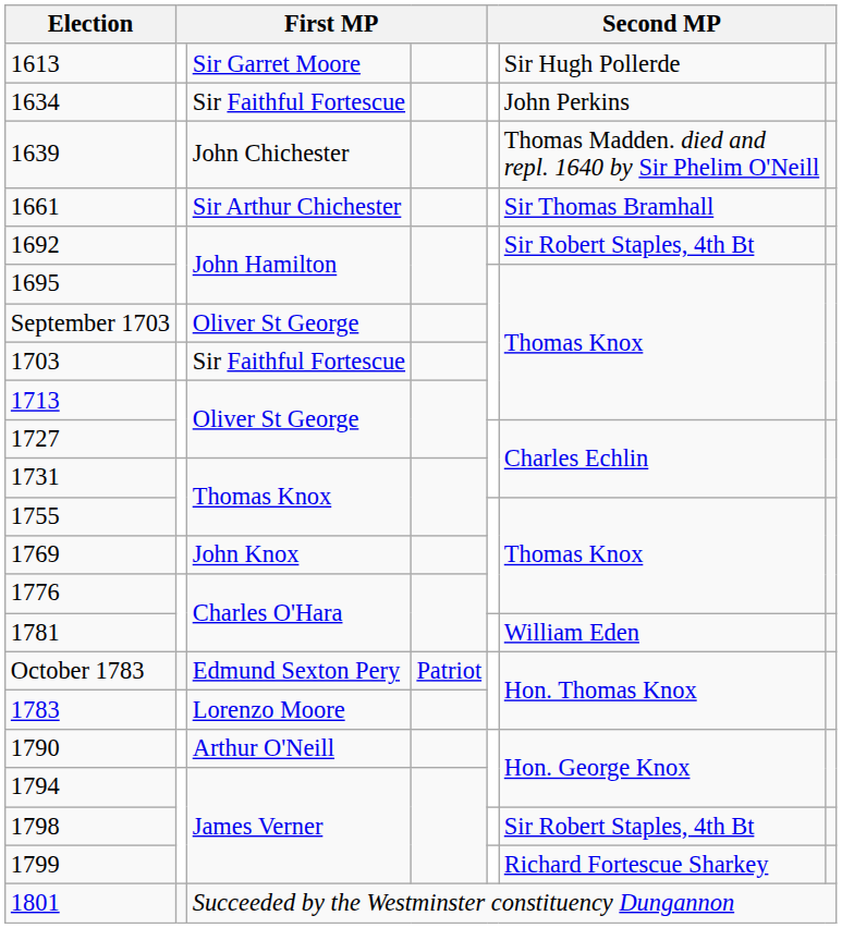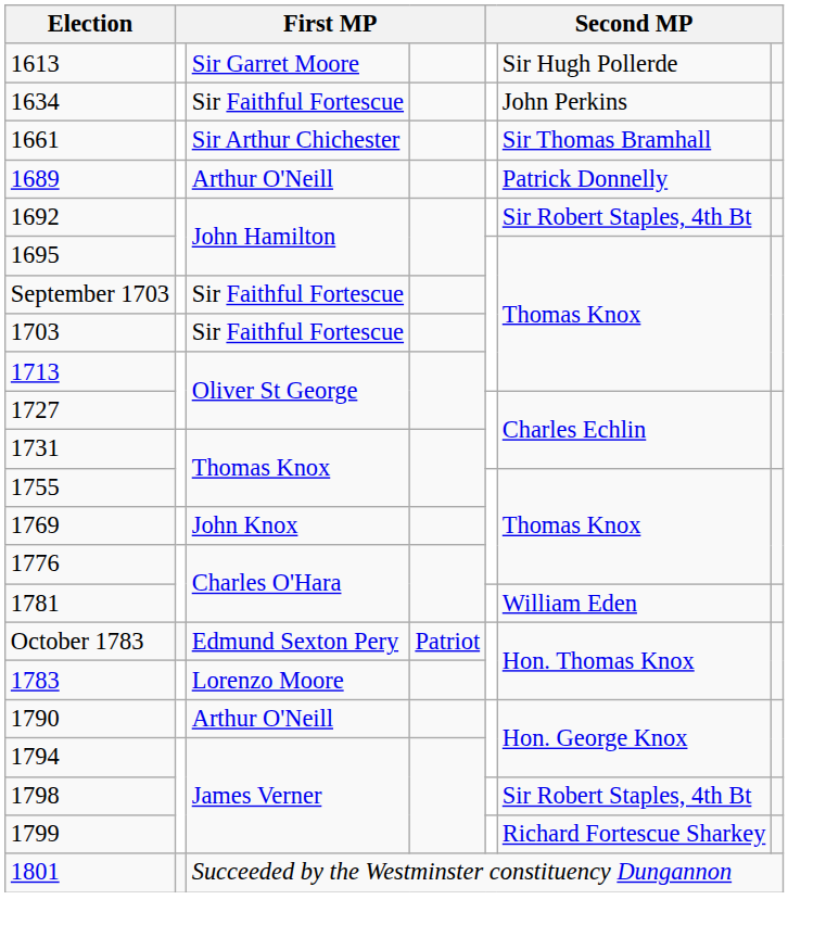 <table class="wikitable">
 <tr>
 <th>Election</th>
 <th colspan=3>First MP</th>
 <th colspan=3>Second MP</th>
 </tr>
 <tr>
 <td>1613</td>
 <td style="background-color: white"></td>
 <td><a href='#'>Sir Garret Moore</a></td>
 <td></td>
 <td style="background-color: white"></td>
 <td>Sir Hugh Pollerde</td>
 <td></td>
 </tr>
 <tr>
 <td>1634</td>
 <td style="background-color: white"></td>
 <td>Sir <a href='#'>Faithful Fortescue</a></td>
 <td></td>
 <td style="background-color: white"></td>
 <td>John Perkins</td>
 <td></td>
 </tr>
 <tr>
-<td>1639</td>
-<td style="background-color: white"></td>
-<td>John Chichester</td>
-<td></td>
-<td style="background-color: white"></td>
-<td>Thomas Madden. <em>died and <br> repl. 1640 by</em> <a href='#'>Sir Phelim O'Neill</a></td>
-<td></td>
-</tr>
-<tr>
 <td>1661</td>
 <td style="background-color: white"></td>
 <td><a href='#'>Sir Arthur Chichester</a></td>
 <td></td>
 <td style="background-color: white"></td>
 <td><a href='#'>Sir Thomas Bramhall</a></td>
+<td></td>
+</tr>
+<tr>
+<td><a href='#'>1689</a></td>
+<td style="background-color: white"></td>
+<td><a href='#'>Arthur O'Neill</a></td>
+<td></td>
+<td style="background-color: white"></td>
+<td><a href='#'>Patrick Donnelly</a></td>
 <td></td>
 </tr>
 <tr>
 <td>1692</td>
 <td rowspan="2" style="background-color: white"></td>
 <td rowspan="2"><a href='#'>John Hamilton</a></td>
 <td rowspan="2"></td>
 <td style="background-color: white"></td>
 <td><a href='#'>Sir Robert Staples, 4th Bt</a></td>
 <td></td>
 </tr>
 <tr>
 <td>1695</td>
 <td rowspan="4" style="background-color: white"></td>
 <td rowspan="4"><a href='#'>Thomas Knox</a></td>
 <td rowspan="4"></td>
 </tr>
 <tr>
 <td>September 1703</td>
 <td style="background-color: white"></td>
-<td><a href='#'>Oliver St George</a></td>
+<td>Sir <a href='#'>Faithful Fortescue</a></td>
 <td></td>
 </tr>
 <tr>
 <td>1703</td>
 <td style="background-color: white"></td>
 <td>Sir <a href='#'>Faithful Fortescue</a></td>
 <td></td>
 </tr>
 <tr>
 <td><a href='#'>1713</a></td>
 <td rowspan="2" style="background-color: white"></td>
 <td rowspan="2"><a href='#'>Oliver St George</a></td>
 <td rowspan="2"></td>
 </tr>
 <tr>
 <td>1727</td>
 <td rowspan="2" style="background-color: white"></td>
 <td rowspan="2"><a href='#'>Charles Echlin</a></td>
 <td rowspan="2"></td>
 </tr>
 <tr>
 <td>1731</td>
 <td rowspan="2" style="background-color: white"></td>
 <td rowspan="2"><a href='#'>Thomas Knox</a></td>
 <td rowspan="2"></td>
 </tr>
 <tr>
 <td>1755</td>
 <td rowspan="3" style="background-color: white"></td>
 <td rowspan="3"><a href='#'>Thomas Knox</a></td>
 <td rowspan="3"></td>
 </tr>
 <tr>
 <td>1769</td>
 <td style="background-color: white"></td>
 <td><a href='#'>John Knox</a></td>
 <td></td>
 </tr>
 <tr>
 <td>1776</td>
 <td rowspan="2" style="background-color: white"></td>
 <td rowspan="2"><a href='#'>Charles O'Hara</a></td>
 <td rowspan="2"></td>
 </tr>
 <tr>
 <td>1781</td>
 <td style="background-color: white"></td>
 <td><a href='#'>William Eden</a></td>
 <td></td>
 </tr>
 <tr>
 <td>October 1783</td>
 <td style="background-color: "></td>
 <td><a href='#'>Edmund Sexton Pery</a></td>
 <td><a href='#'>Patriot</a></td>
 <td rowspan="2" style="background-color: white"></td>
 <td rowspan="2"><a href='#'>Hon. Thomas Knox</a></td>
 <td rowspan="2"></td>
 </tr>
 <tr>
 <td><a href='#'>1783</a></td>
 <td style="background-color: white"></td>
 <td><a href='#'>Lorenzo Moore</a></td>
 <td></td>
 </tr>
 <tr>
 <td>1790</td>
 <td style="background-color: white"></td>
 <td><a href='#'>Arthur O'Neill</a></td>
 <td></td>
 <td rowspan="2" style="background-color: white"></td>
 <td rowspan="2"><a href='#'>Hon. George Knox</a></td>
 <td rowspan="2"></td>
 </tr>
 <tr>
 <td>1794</td>
 <td rowspan="3" style="background-color: white"></td>
 <td rowspan="3"><a href='#'>James Verner</a></td>
 <td rowspan="3"></td>
 </tr>
 <tr>
 <td>1798</td>
 <td style="background-color: white"></td>
 <td><a href='#'>Sir Robert Staples, 4th Bt</a></td>
 <td></td>
 </tr>
 <tr>
 <td>1799</td>
 <td style="background-color: white"></td>
 <td><a href='#'>Richard Fortescue Sharkey</a></td>
 <td></td>
 </tr>
 <tr>
 <td><a href='#'>1801</a></td>
 <td></td>
 <td colspan="5"><em>Succeeded by the Westminster constituency <a href='#'>Dungannon</a></em></td>
 </tr>
 </table>
